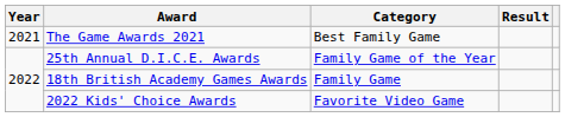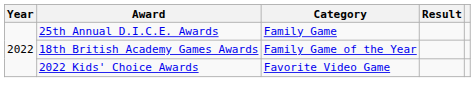 <table class="wikitable sortable">
 <tr>
 <th>Year</th>
 <th>Award</th>
 <th>Category</th>
 <th>Result</th>
 <th></th>
 </tr>
 <tr>
-<td style="text-align:center;" rowspan="1">2021</td>
-<td rowspan="1"><a href='#'>The Game Awards 2021</a></td>
-<td>Best Family Game</td>
-<td></td>
-<td rowspan="1" style="text-align:center;"></td>
-</tr>
-<tr>
 <td style="text-align:center;" rowspan="3">2022</td>
 <td rowpsan="1"><a href='#'>25th Annual D.I.C.E. Awards</a></td>
-<td><a href='#'>Family Game of the Year</a></td>
+<td><a href='#'>Family Game</a></td>
 <td></td>
 <td rowspan="1" style="text-align:center;"></td>
 </tr>
 <tr>
 <td rowspan="1"><a href='#'>18th British Academy Games Awards</a></td>
-<td><a href='#'>Family Game</a></td>
+<td><a href='#'>Family Game of the Year</a></td>
 <td></td>
 <td rowspan="1" style="text-align:center;"></td>
 </tr>
 <tr>
 <td rowspan="1"><a href='#'>2022 Kids' Choice Awards</a></td>
 <td><a href='#'>Favorite Video Game</a></td>
 <td></td>
 <td rowspan="1" style="text-align:center;"></td>
 </tr>
 </table>
